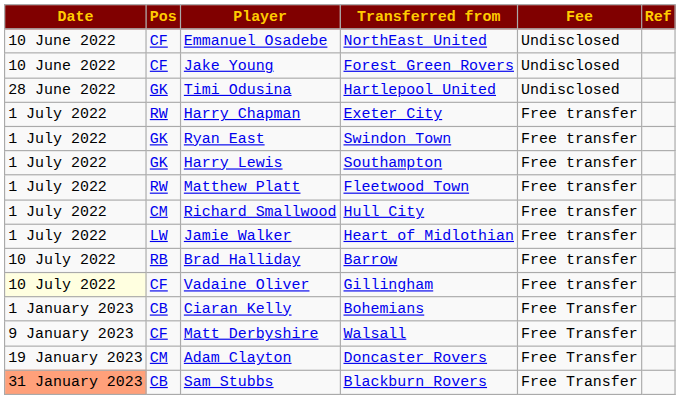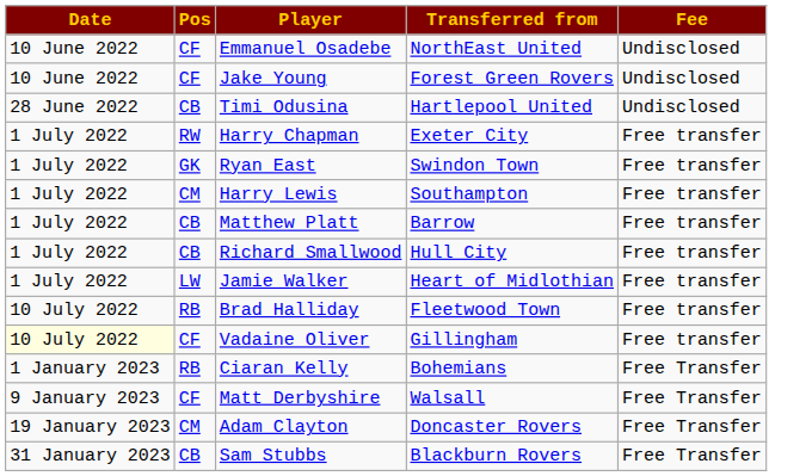 <table class="wikitable plainrowheaders sortable">
 <tr>
 <th style="background:#800000; color:#ffCC00; ">Date</th>
 <th style="background:#800000; color:#ffCC00; ">Pos</th>
 <th style="background:#800000; color:#ffCC00; ">Player</th>
 <th style="background:#800000; color:#ffCC00; ">Transferred from</th>
 <th style="background:#800000; color:#ffCC00; ">Fee</th>
-<th style="background:#800000; color:#ffCC00; ">Ref</th>
 </tr>
 <tr>
 <td>10 June 2022</td>
 <td><a href='#'>CF</a></td>
 <td> <a href='#'>Emmanuel Osadebe</a></td>
 <td> <a href='#'>NorthEast United</a></td>
 <td>Undisclosed</td>
-<td></td>
 </tr>
 <tr>
 <td>10 June 2022</td>
 <td><a href='#'>CF</a></td>
 <td> <a href='#'>Jake Young</a></td>
 <td> <a href='#'>Forest Green Rovers</a></td>
 <td>Undisclosed</td>
-<td></td>
 </tr>
 <tr>
 <td>28 June 2022</td>
-<td><a href='#'>GK</a></td>
+<td><a href='#'>CB</a></td>
 <td> <a href='#'>Timi Odusina</a></td>
 <td> <a href='#'>Hartlepool United</a></td>
 <td>Undisclosed</td>
-<td></td>
 </tr>
 <tr>
 <td>1 July 2022</td>
 <td><a href='#'>RW</a></td>
 <td> <a href='#'>Harry Chapman</a></td>
 <td> <a href='#'>Exeter City</a></td>
 <td>Free transfer</td>
-<td></td>
 </tr>
 <tr>
 <td>1 July 2022</td>
 <td><a href='#'>GK</a></td>
 <td> <a href='#'>Ryan East</a></td>
 <td> <a href='#'>Swindon Town</a></td>
 <td>Free transfer</td>
-<td></td>
-</tr>
-<tr>
-<td>1 July 2022</td>
-<td><a href='#'>GK</a></td>
-<td> <a href='#'>Harry Lewis</a></td>
-<td> <a href='#'>Southampton</a></td>
-<td>Free transfer</td>
-<td></td>
-</tr>
-<tr>
-<td>1 July 2022</td>
-<td><a href='#'>RW</a></td>
-<td> <a href='#'>Matthew Platt</a></td>
-<td> <a href='#'>Fleetwood Town</a></td>
-<td>Free transfer</td>
-<td></td>
 </tr>
 <tr>
 <td>1 July 2022</td>
 <td><a href='#'>CM</a></td>
+<td> <a href='#'>Harry Lewis</a></td>
+<td> <a href='#'>Southampton</a></td>
+<td>Free transfer</td>
+</tr>
+<tr>
+<td>1 July 2022</td>
+<td><a href='#'>CB</a></td>
+<td> <a href='#'>Matthew Platt</a></td>
+<td> <a href='#'>Barrow</a></td>
+<td>Free transfer</td>
+</tr>
+<tr>
+<td>1 July 2022</td>
+<td><a href='#'>CB</a></td>
 <td> <a href='#'>Richard Smallwood</a></td>
 <td> <a href='#'>Hull City</a></td>
 <td>Free transfer</td>
-<td></td>
 </tr>
 <tr>
 <td>1 July 2022</td>
 <td><a href='#'>LW</a></td>
 <td> <a href='#'>Jamie Walker</a></td>
 <td> <a href='#'>Heart of Midlothian</a></td>
 <td>Free transfer</td>
-<td></td>
 </tr>
 <tr>
 <td>10 July 2022</td>
 <td><a href='#'>RB</a></td>
 <td> <a href='#'>Brad Halliday</a></td>
-<td> <a href='#'>Barrow</a></td>
+<td> <a href='#'>Fleetwood Town</a></td>
 <td>Free transfer</td>
-<td></td>
 </tr>
 <tr>
 <td style="background: lightyellow;">10 July 2022</td>
 <td><a href='#'>CF</a></td>
 <td> <a href='#'>Vadaine Oliver</a></td>
 <td> <a href='#'>Gillingham</a></td>
 <td>Free transfer</td>
-<td></td>
 </tr>
 <tr>
 <td>1 January 2023</td>
-<td><a href='#'>CB</a></td>
+<td><a href='#'>RB</a></td>
 <td> <a href='#'>Ciaran Kelly</a></td>
 <td> <a href='#'>Bohemians</a></td>
 <td>Free Transfer</td>
-<td></td>
 </tr>
 <tr>
 <td>9 January 2023</td>
 <td><a href='#'>CF</a></td>
 <td> <a href='#'>Matt Derbyshire</a></td>
 <td> <a href='#'>Walsall</a></td>
 <td>Free Transfer</td>
-<td></td>
 </tr>
 <tr>
 <td>19 January 2023</td>
 <td><a href='#'>CM</a></td>
 <td> <a href='#'>Adam Clayton</a></td>
 <td> <a href='#'>Doncaster Rovers</a></td>
 <td>Free Transfer</td>
-<td></td>
 </tr>
 <tr>
-<td style="background: lightsalmon;">31 January 2023</td>
+<td>31 January 2023</td>
 <td><a href='#'>CB</a></td>
 <td> <a href='#'>Sam Stubbs</a></td>
 <td> <a href='#'>Blackburn Rovers</a></td>
 <td>Free Transfer</td>
-<td></td>
 </tr>
 </table>
